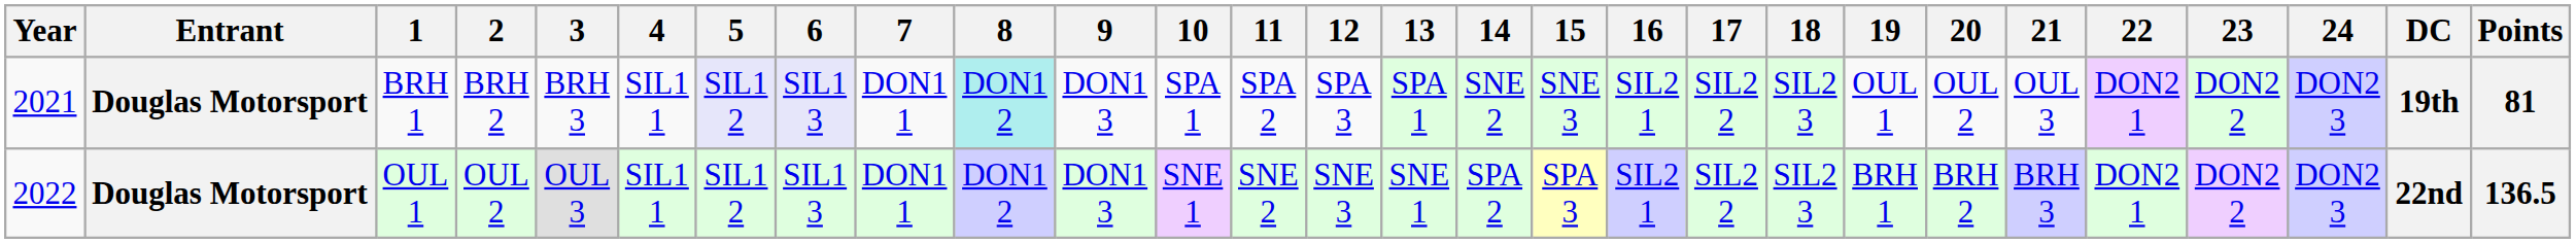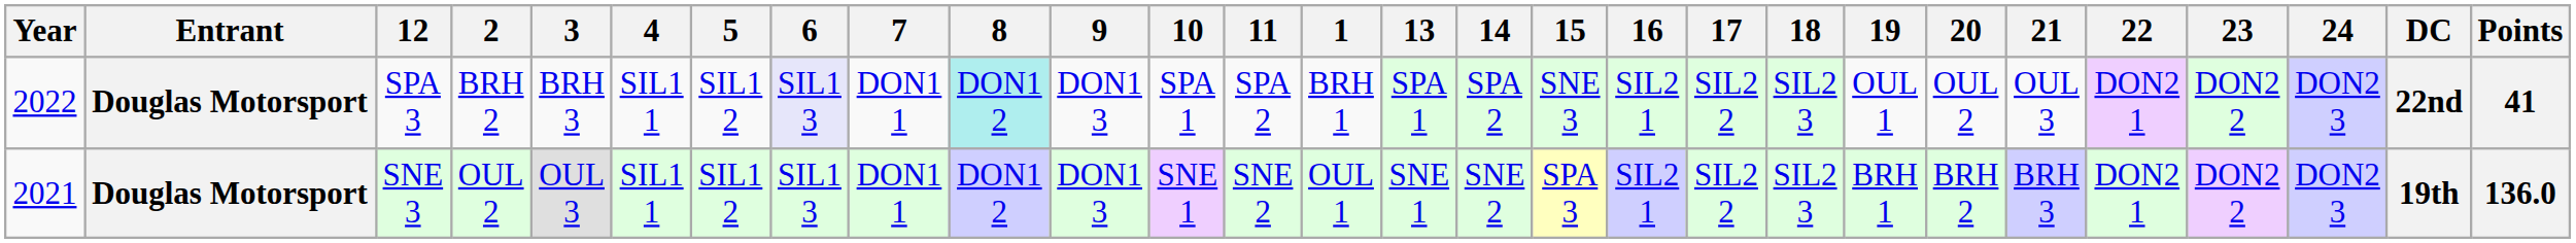 <table class="wikitable" style="text-align:center; font-size:85%">
 <tr>
 <th>Year</th>
 <th>Entrant</th>
-<th>1</th>
+<th>12</th>
 <th>2</th>
 <th>3</th>
 <th>4</th>
 <th>5</th>
 <th>6</th>
 <th>7</th>
 <th>8</th>
 <th>9</th>
 <th>10</th>
 <th>11</th>
-<th>12</th>
+<th>1</th>
 <th>13</th>
 <th>14</th>
 <th>15</th>
 <th>16</th>
 <th>17</th>
 <th>18</th>
 <th>19</th>
 <th>20</th>
 <th>21</th>
 <th>22</th>
 <th>23</th>
 <th>24</th>
 <th>DC</th>
 <th>Points</th>
 </tr>
 <tr>
-<td><a href='#'>2021</a></td>
+<td><a href='#'>2022</a></td>
 <th nowrap>Douglas Motorsport</th>
-<td><a href='#'>BRH<br>1</a></td>
+<td><a href='#'>SPA<br>3</a></td>
 <td><a href='#'>BRH<br>2</a></td>
 <td><a href='#'>BRH<br>3</a></td>
 <td><a href='#'>SIL1<br>1</a></td>
-<td style="background: lavender;"><a href='#'>SIL1<br>2</a></td>
+<td><a href='#'>SIL1<br>2</a></td>
 <td style="background: lavender;"><a href='#'>SIL1<br>3</a></td>
 <td><a href='#'>DON1<br>1</a></td>
 <td style="background: paleturquoise;"><a href='#'>DON1<br>2</a></td>
 <td><a href='#'>DON1<br>3</a></td>
 <td><a href='#'>SPA<br>1</a></td>
 <td><a href='#'>SPA<br>2</a></td>
-<td><a href='#'>SPA<br>3</a></td>
+<td><a href='#'>BRH<br>1</a></td>
 <td style="background:#DFFFDF"><a href='#'>SPA<br>1</a><br></td>
-<td style="background:#dfffdf"><a href='#'>SNE<br>2</a><br></td>
+<td style="background:#DFFFDF"><a href='#'>SPA<br>2</a><br></td>
 <td style="background:#dfffdf"><a href='#'>SNE<br>3</a><br></td>
 <td style="background:#dfffdf"><a href='#'>SIL2<br>1</a><br></td>
 <td style="background:#dfffdf"><a href='#'>SIL2<br>2</a><br></td>
 <td style="background:#dfffdf"><a href='#'>SIL2<br>3</a><br></td>
 <td><a href='#'>OUL<br>1</a></td>
 <td><a href='#'>OUL<br>2</a></td>
 <td><a href='#'>OUL<br>3</a></td>
 <td style="background:#efcfff"><a href='#'>DON2<br>1</a><br></td>
 <td style="background:#DFFFDF"><a href='#'>DON2<br>2</a><br></td>
 <td style="background:#CFCFFF"><a href='#'>DON2<br>3</a><br></td>
-<th>19th</th>
-<th>81</th>
+<th>22nd</th>
+<th>41</th>
 </tr>
 <tr>
-<td><a href='#'>2022</a></td>
+<td><a href='#'>2021</a></td>
 <th nowrap>Douglas Motorsport</th>
-<td style="background:#DFFFDF"><a href='#'>OUL<br>1</a><br></td>
+<td style="background:#DFFFDF"><a href='#'>SNE<br>3</a><br></td>
 <td style="background:#DFFFDF"><a href='#'>OUL<br>2</a><br></td>
 <td style="background:#DFDFDF"><a href='#'>OUL<br>3</a><br></td>
 <td style="background:#DFFFDF"><a href='#'>SIL1<br>1</a><br></td>
 <td style="background:#DFFFDF"><a href='#'>SIL1<br>2</a><br></td>
 <td style="background:#DFFFDF"><a href='#'>SIL1<br>3</a><br></td>
 <td style="background:#DFFFDF"><a href='#'>DON1<br>1</a><br></td>
 <td style="background:#CFCFFF"><a href='#'>DON1<br>2</a><br></td>
 <td style="background:#DFFFDF"><a href='#'>DON1<br>3</a><br></td>
 <td style="background:#EFCFFF"><a href='#'>SNE<br>1</a><br></td>
 <td style="background:#DFFFDF"><a href='#'>SNE<br>2</a><br></td>
-<td style="background:#DFFFDF"><a href='#'>SNE<br>3</a><br></td>
+<td style="background:#DFFFDF"><a href='#'>OUL<br>1</a><br></td>
 <td style="background:#dfffdf"><a href='#'>SNE<br>1</a><br></td>
-<td style="background:#DFFFDF"><a href='#'>SPA<br>2</a><br></td>
+<td style="background:#dfffdf"><a href='#'>SNE<br>2</a><br></td>
 <td style="background:#FFFFBF"><a href='#'>SPA<br>3</a><br></td>
 <td style="background:#CFCFFF"><a href='#'>SIL2<br>1</a><br></td>
 <td style="background:#DFFFDF"><a href='#'>SIL2<br>2</a><br></td>
 <td style="background:#DFFFDF"><a href='#'>SIL2<br>3</a><br></td>
 <td style="background:#DFFFDF"><a href='#'>BRH<br>1</a><br></td>
 <td style="background:#DFFFDF"><a href='#'>BRH<br>2</a><br></td>
 <td style="background:#CFCFFF"><a href='#'>BRH<br>3</a><br></td>
 <td style="background:#DFFFDF"><a href='#'>DON2<br>1</a><br></td>
 <td style="background:#EFCFFF"><a href='#'>DON2<br>2</a><br></td>
 <td style="background:#CFCFFF"><a href='#'>DON2<br>3</a><br></td>
-<th>22nd</th>
-<th>136.5</th>
+<th>19th</th>
+<th>136.0</th>
 </tr>
 </table>
